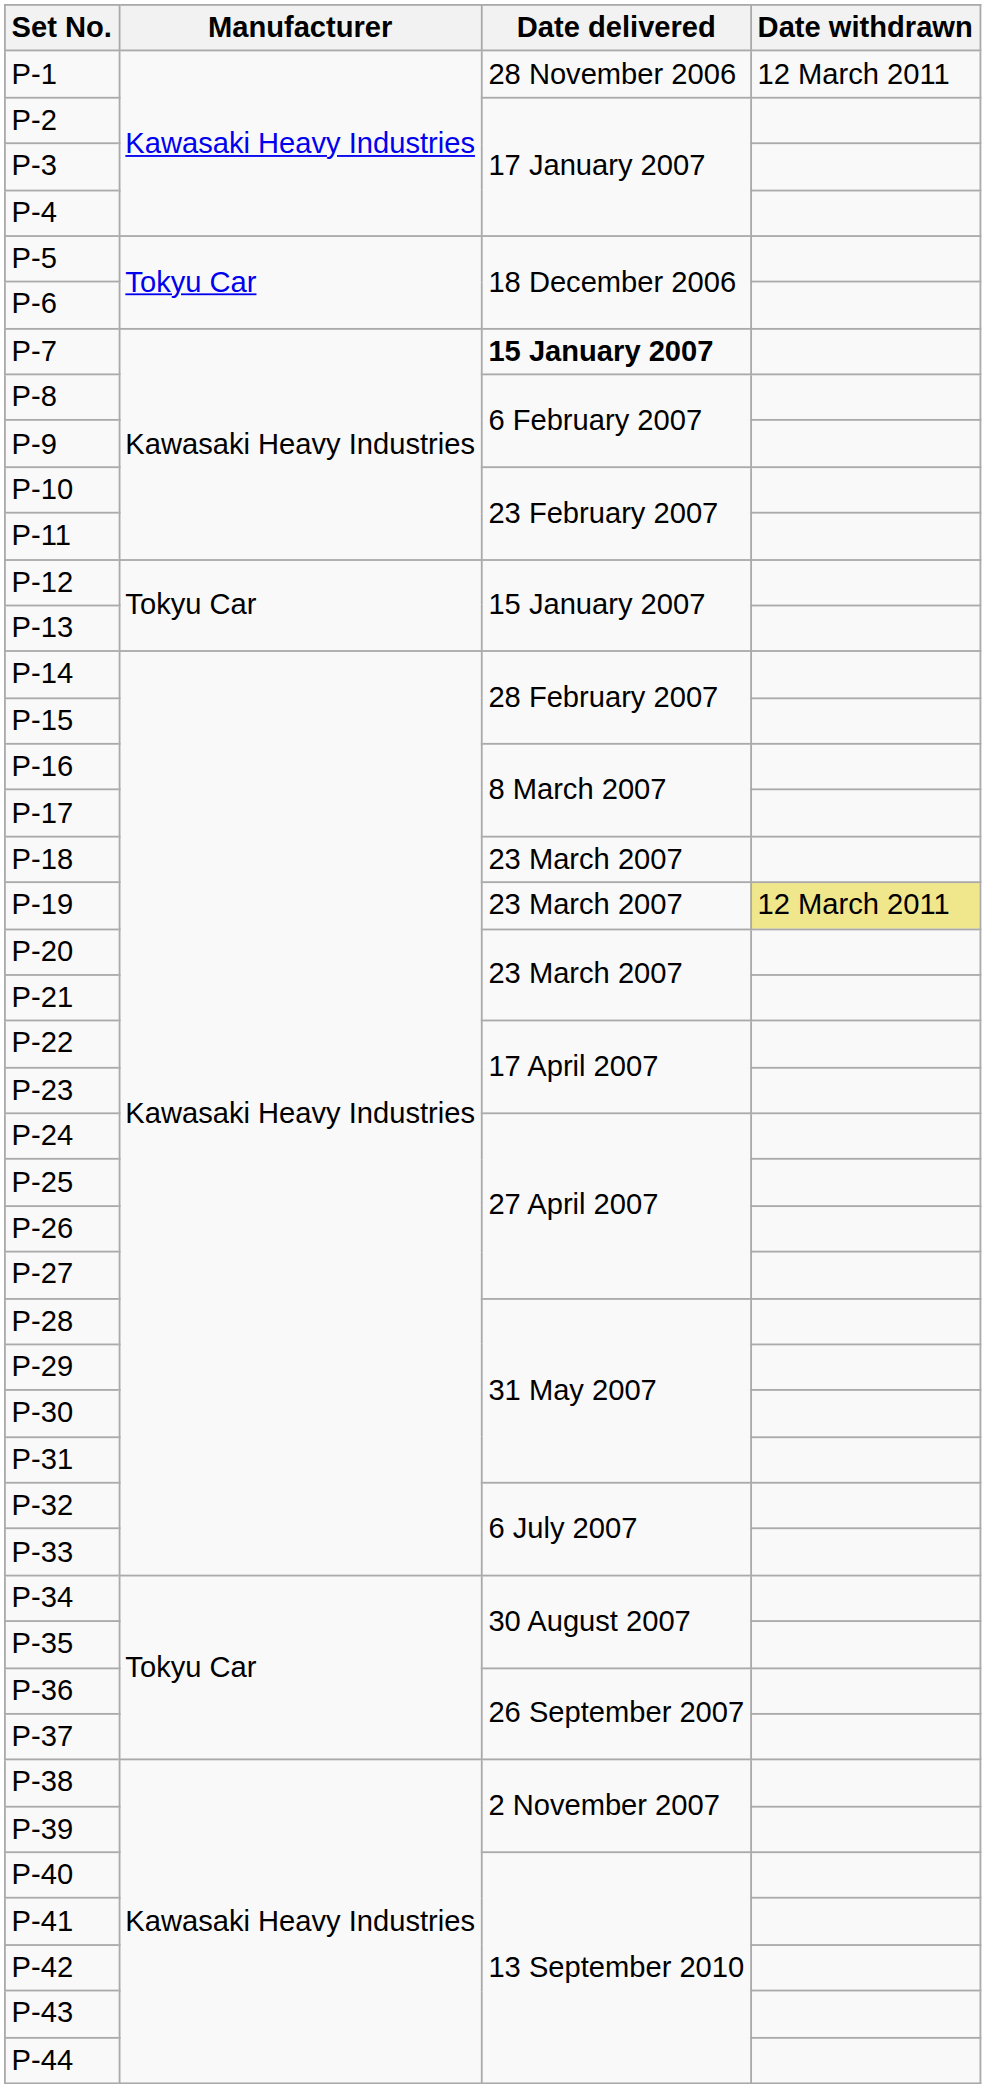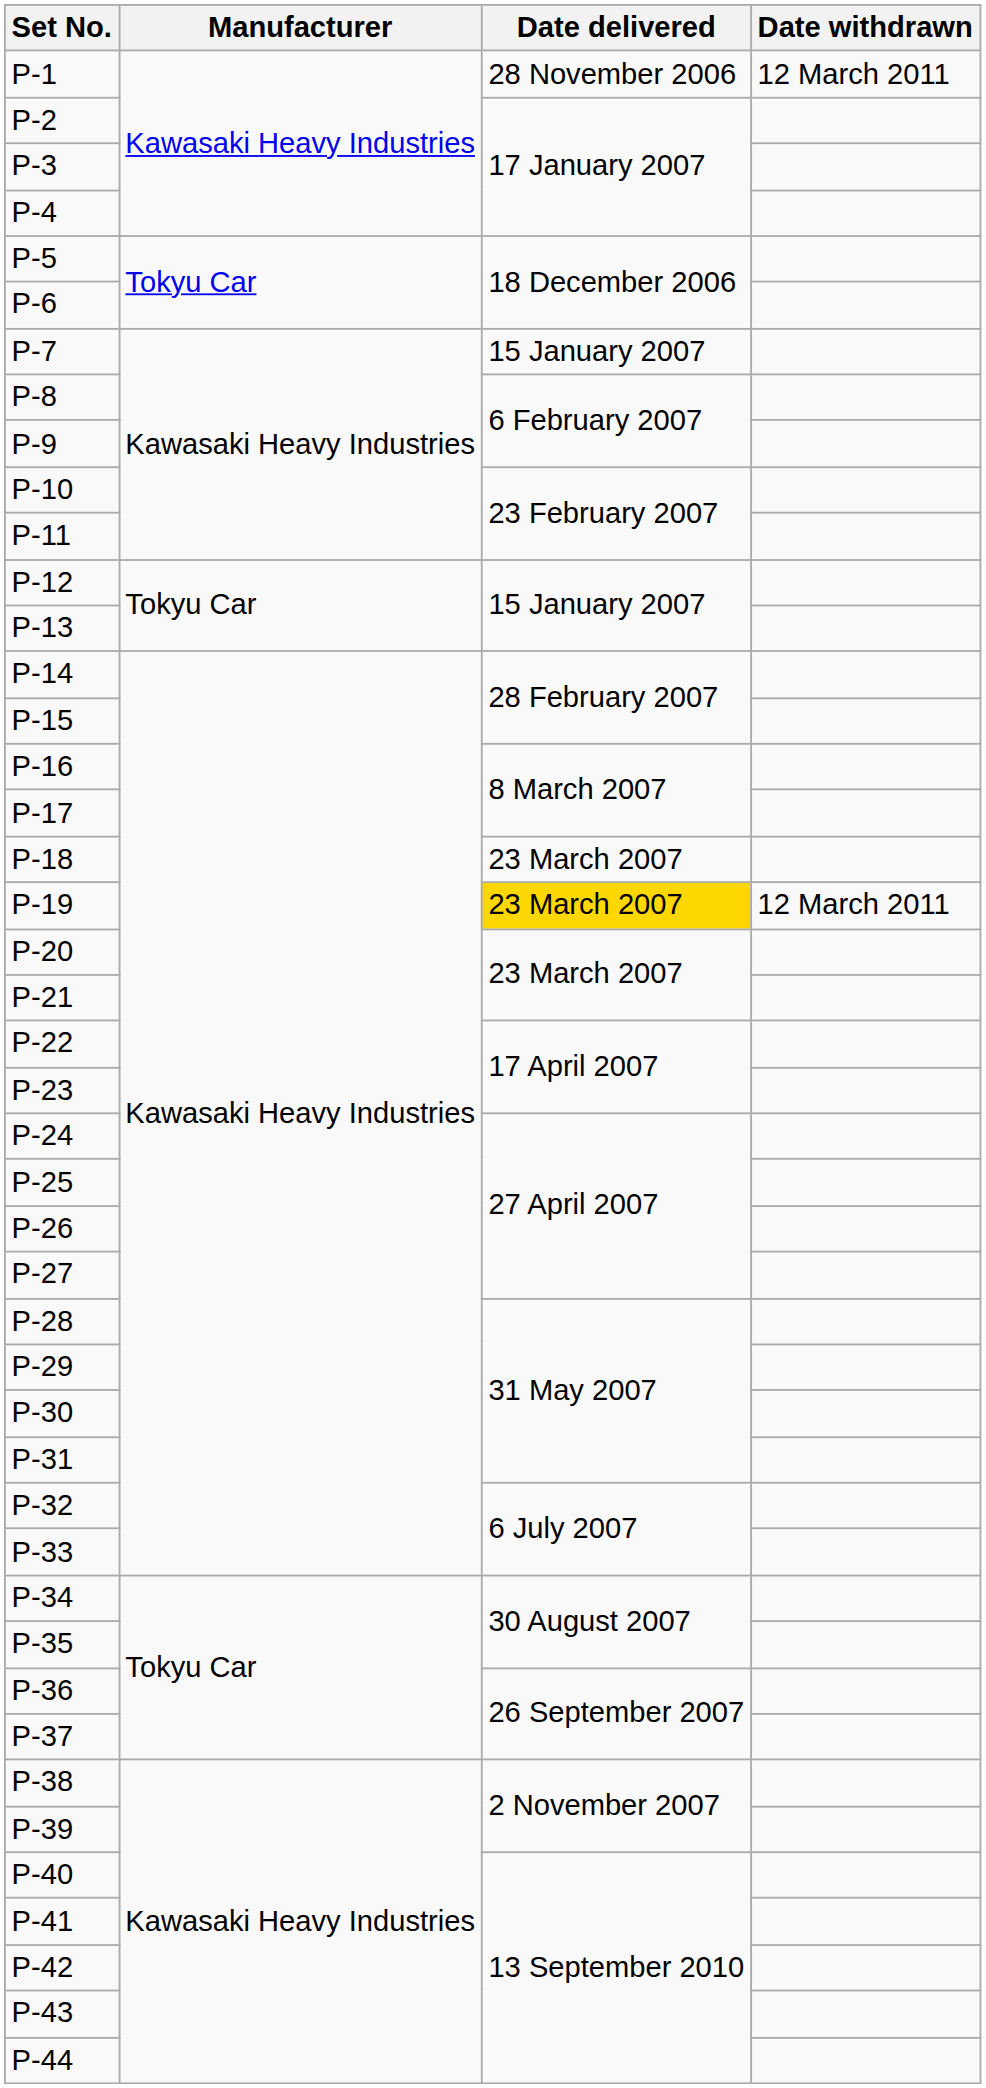 <table class="wikitable">
 <tr>
 <th>Set No.</th>
 <th>Manufacturer</th>
 <th>Date delivered</th>
 <th>Date withdrawn</th>
 </tr>
 <tr>
 <td>P-1</td>
 <td rowspan="4"><a href='#'>Kawasaki Heavy Industries</a></td>
 <td>28 November 2006</td>
 <td>12 March 2011</td>
 </tr>
 <tr>
 <td>P-2</td>
 <td rowspan="3">17 January 2007</td>
 <td> </td>
 </tr>
 <tr>
 <td>P-3</td>
 <td> </td>
 </tr>
 <tr>
 <td>P-4</td>
 <td> </td>
 </tr>
 <tr>
 <td>P-5</td>
 <td rowspan="2"><a href='#'>Tokyu Car</a></td>
 <td rowspan="2">18 December 2006</td>
 <td> </td>
 </tr>
 <tr>
 <td>P-6</td>
 <td> </td>
 </tr>
 <tr>
 <td>P-7</td>
 <td rowspan="5">Kawasaki Heavy Industries</td>
-<td><strong>15 January 2007</strong></td>
+<td>15 January 2007</td>
 <td> </td>
 </tr>
 <tr>
 <td>P-8</td>
 <td rowspan="2">6 February 2007</td>
 <td> </td>
 </tr>
 <tr>
 <td>P-9</td>
 <td> </td>
 </tr>
 <tr>
 <td>P-10</td>
 <td rowspan="2">23 February 2007</td>
 <td> </td>
 </tr>
 <tr>
 <td>P-11</td>
 <td> </td>
 </tr>
 <tr>
 <td>P-12</td>
 <td rowspan="2">Tokyu Car</td>
 <td rowspan="2">15 January 2007</td>
 <td> </td>
 </tr>
 <tr>
 <td>P-13</td>
 <td> </td>
 </tr>
 <tr>
 <td>P-14</td>
 <td rowspan="20">Kawasaki Heavy Industries</td>
 <td rowspan="2">28 February 2007</td>
 <td> </td>
 </tr>
 <tr>
 <td>P-15</td>
 <td> </td>
 </tr>
 <tr>
 <td>P-16</td>
 <td rowspan="2">8 March 2007</td>
 <td> </td>
 </tr>
 <tr>
 <td>P-17</td>
 <td> </td>
 </tr>
 <tr>
 <td>P-18</td>
 <td>23 March 2007</td>
 <td> </td>
 </tr>
 <tr>
 <td>P-19</td>
-<td>23 March 2007</td>
-<td style="background: khaki;">12 March 2011</td>
+<td style="background: gold;">23 March 2007</td>
+<td>12 March 2011</td>
 </tr>
 <tr>
 <td>P-20</td>
 <td rowspan="2">23 March 2007</td>
 <td> </td>
 </tr>
 <tr>
 <td>P-21</td>
 <td> </td>
 </tr>
 <tr>
 <td>P-22</td>
 <td rowspan="2">17 April 2007</td>
 <td> </td>
 </tr>
 <tr>
 <td>P-23</td>
 <td> </td>
 </tr>
 <tr>
 <td>P-24</td>
 <td rowspan="4">27 April 2007</td>
 <td> </td>
 </tr>
 <tr>
 <td>P-25</td>
 <td> </td>
 </tr>
 <tr>
 <td>P-26</td>
 <td> </td>
 </tr>
 <tr>
 <td>P-27</td>
 <td> </td>
 </tr>
 <tr>
 <td>P-28</td>
 <td rowspan="4">31 May 2007</td>
 <td> </td>
 </tr>
 <tr>
 <td>P-29</td>
 <td> </td>
 </tr>
 <tr>
 <td>P-30</td>
 <td> </td>
 </tr>
 <tr>
 <td>P-31</td>
 <td> </td>
 </tr>
 <tr>
 <td>P-32</td>
 <td rowspan="2">6 July 2007</td>
 <td> </td>
 </tr>
 <tr>
 <td>P-33</td>
 <td> </td>
 </tr>
 <tr>
 <td>P-34</td>
 <td rowspan="4">Tokyu Car</td>
 <td rowspan="2">30 August 2007</td>
 <td> </td>
 </tr>
 <tr>
 <td>P-35</td>
 <td> </td>
 </tr>
 <tr>
 <td>P-36</td>
 <td rowspan="2">26 September 2007</td>
 <td> </td>
 </tr>
 <tr>
 <td>P-37</td>
 <td> </td>
 </tr>
 <tr>
 <td>P-38</td>
 <td rowspan="7">Kawasaki Heavy Industries</td>
 <td rowspan="2">2 November 2007</td>
 <td> </td>
 </tr>
 <tr>
 <td>P-39</td>
 <td> </td>
 </tr>
 <tr>
 <td>P-40</td>
 <td rowspan="5">13 September 2010</td>
 <td> </td>
 </tr>
 <tr>
 <td>P-41</td>
 <td> </td>
 </tr>
 <tr>
 <td>P-42</td>
 <td> </td>
 </tr>
 <tr>
 <td>P-43</td>
 <td> </td>
 </tr>
 <tr>
 <td>P-44</td>
 <td> </td>
 </tr>
 </table>
